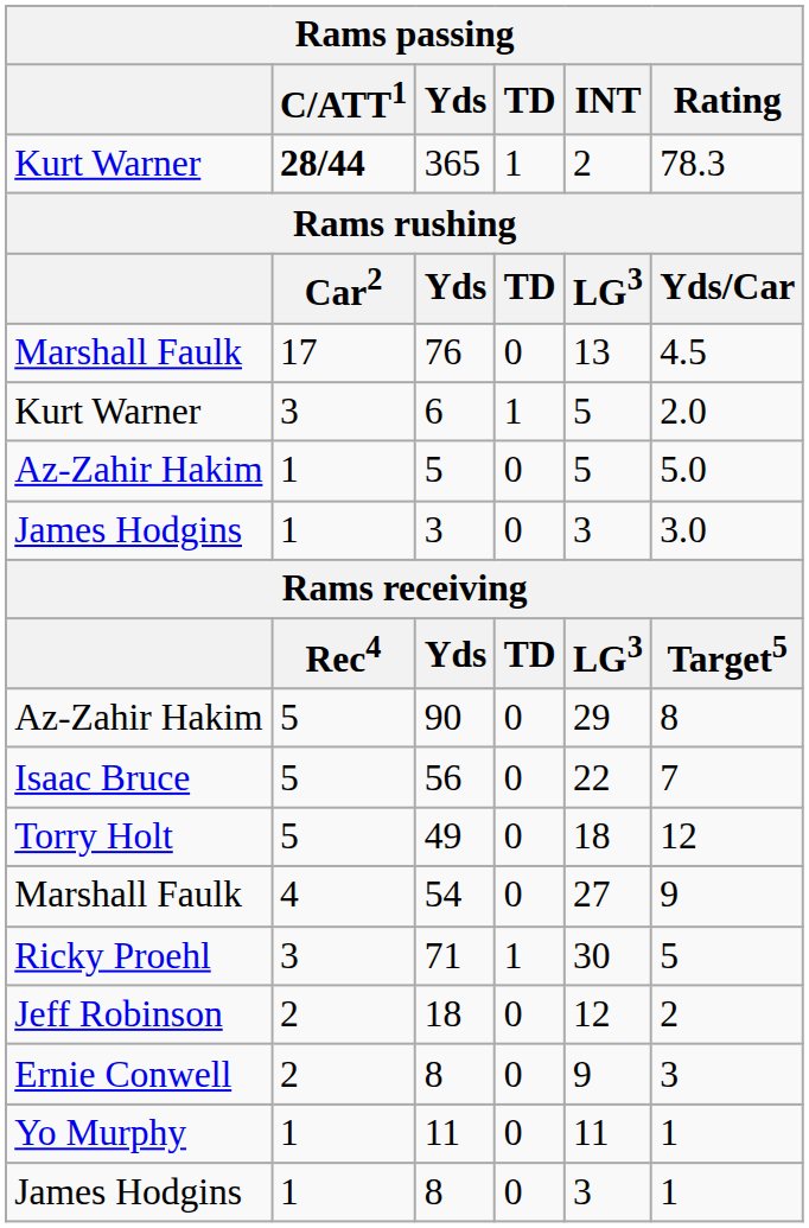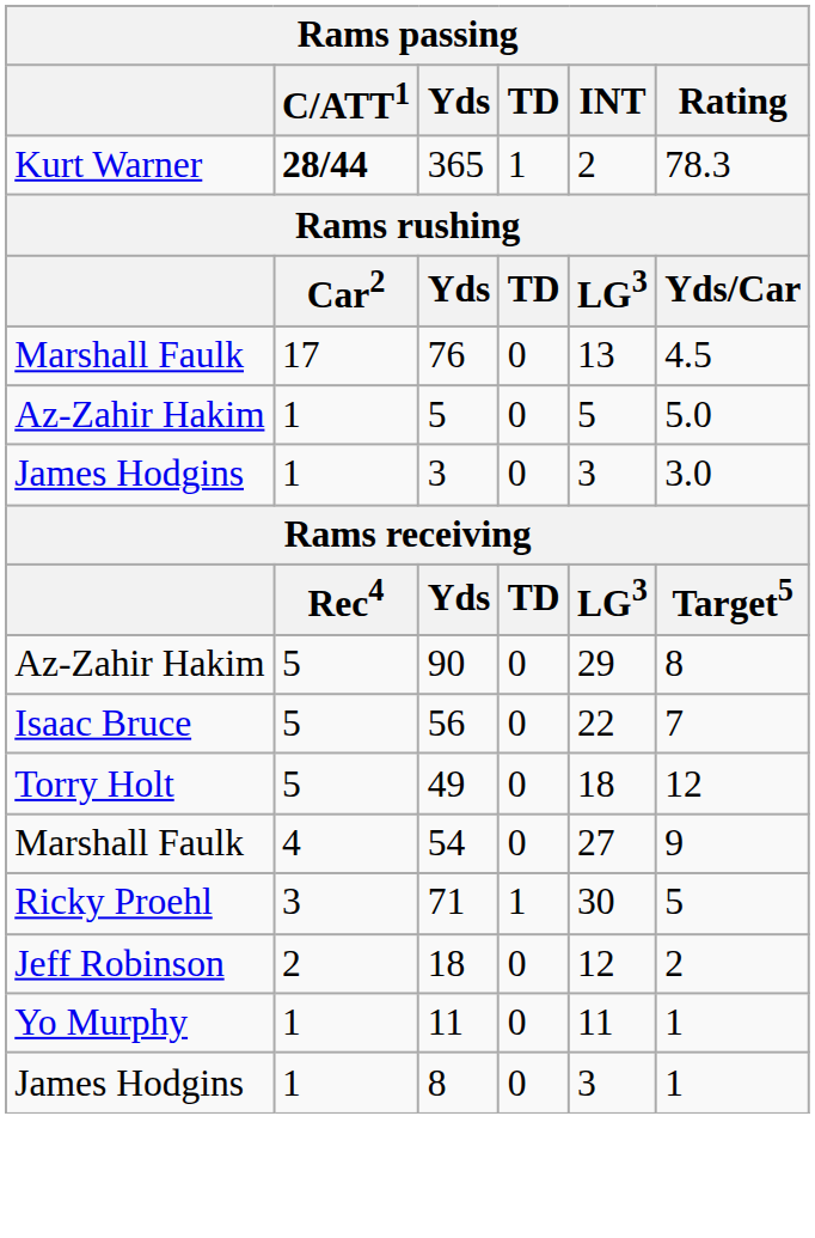 <table class="wikitable">
 <tr>
 <th colspan="6">Rams passing</th>
 </tr>
 <tr>
 <th></th>
 <th>C/ATT<sup>1</sup></th>
 <th>Yds</th>
 <th>TD</th>
 <th>INT</th>
 <th>Rating</th>
 </tr>
 <tr>
 <td><a href='#'>Kurt Warner</a></td>
 <td><strong>28/44</strong></td>
 <td>365</td>
 <td>1</td>
 <td>2</td>
 <td>78.3</td>
 </tr>
 <tr>
 <th colspan="6">Rams rushing</th>
 </tr>
 <tr>
 <th></th>
 <th>Car<sup>2</sup></th>
 <th>Yds</th>
 <th>TD</th>
 <th>LG<sup>3</sup></th>
 <th>Yds/Car</th>
 </tr>
 <tr>
 <td><a href='#'>Marshall Faulk</a></td>
 <td>17</td>
 <td>76</td>
 <td>0</td>
 <td>13</td>
 <td>4.5</td>
-</tr>
-<tr>
-<td>Kurt Warner</td>
-<td>3</td>
-<td>6</td>
-<td>1</td>
-<td>5</td>
-<td>2.0</td>
 </tr>
 <tr>
 <td><a href='#'>Az-Zahir Hakim</a></td>
 <td>1</td>
 <td>5</td>
 <td>0</td>
 <td>5</td>
 <td>5.0</td>
 </tr>
 <tr>
 <td><a href='#'>James Hodgins</a></td>
 <td>1</td>
 <td>3</td>
 <td>0</td>
 <td>3</td>
 <td>3.0</td>
 </tr>
 <tr>
 <th colspan="6">Rams receiving</th>
 </tr>
 <tr>
 <th></th>
 <th>Rec<sup>4</sup></th>
 <th>Yds</th>
 <th>TD</th>
 <th>LG<sup>3</sup></th>
 <th>Target<sup>5</sup></th>
 </tr>
 <tr>
 <td>Az-Zahir Hakim</td>
 <td>5</td>
 <td>90</td>
 <td>0</td>
 <td>29</td>
 <td>8</td>
 </tr>
 <tr>
 <td><a href='#'>Isaac Bruce</a></td>
 <td>5</td>
 <td>56</td>
 <td>0</td>
 <td>22</td>
 <td>7</td>
 </tr>
 <tr>
 <td><a href='#'>Torry Holt</a></td>
 <td>5</td>
 <td>49</td>
 <td>0</td>
 <td>18</td>
 <td>12</td>
 </tr>
 <tr>
 <td>Marshall Faulk</td>
 <td>4</td>
 <td>54</td>
 <td>0</td>
 <td>27</td>
 <td>9</td>
 </tr>
 <tr>
 <td><a href='#'>Ricky Proehl</a></td>
 <td>3</td>
 <td>71</td>
 <td>1</td>
 <td>30</td>
 <td>5</td>
 </tr>
 <tr>
 <td><a href='#'>Jeff Robinson</a></td>
 <td>2</td>
 <td>18</td>
 <td>0</td>
 <td>12</td>
 <td>2</td>
 </tr>
 <tr>
-<td><a href='#'>Ernie Conwell</a></td>
-<td>2</td>
-<td>8</td>
-<td>0</td>
-<td>9</td>
-<td>3</td>
-</tr>
-<tr>
 <td><a href='#'>Yo Murphy</a></td>
 <td>1</td>
 <td>11</td>
 <td>0</td>
 <td>11</td>
 <td>1</td>
 </tr>
 <tr>
 <td>James Hodgins</td>
 <td>1</td>
 <td>8</td>
 <td>0</td>
 <td>3</td>
 <td>1</td>
 </tr>
 </table>
